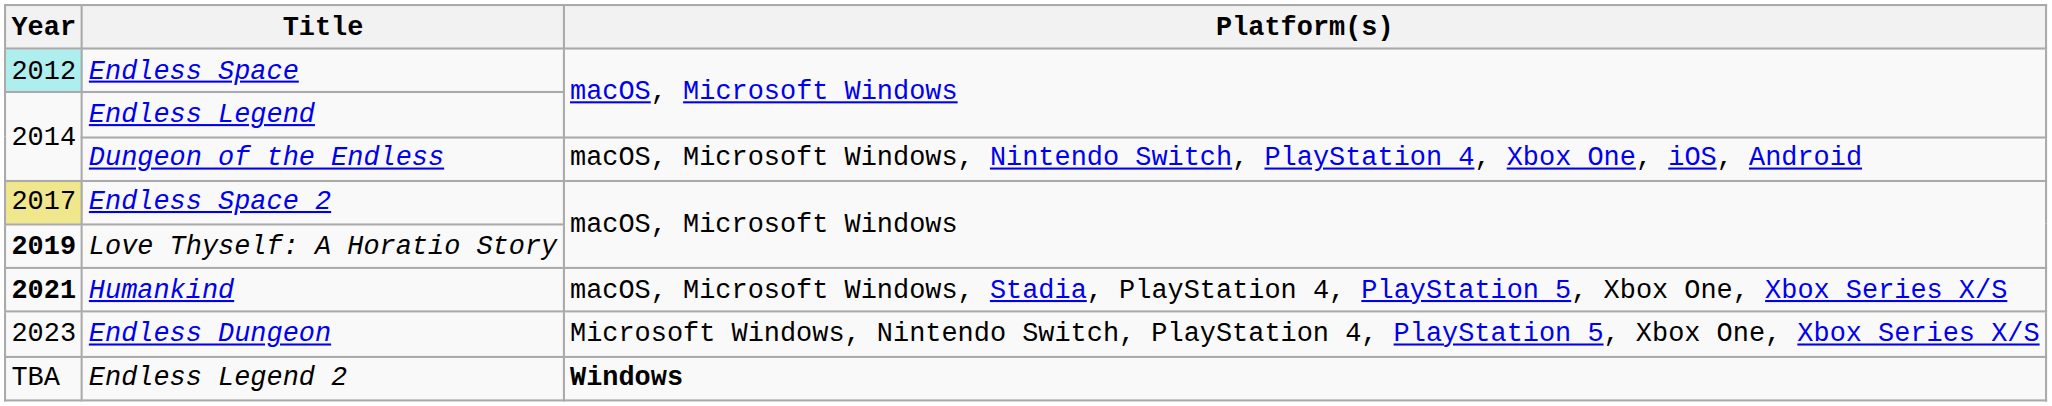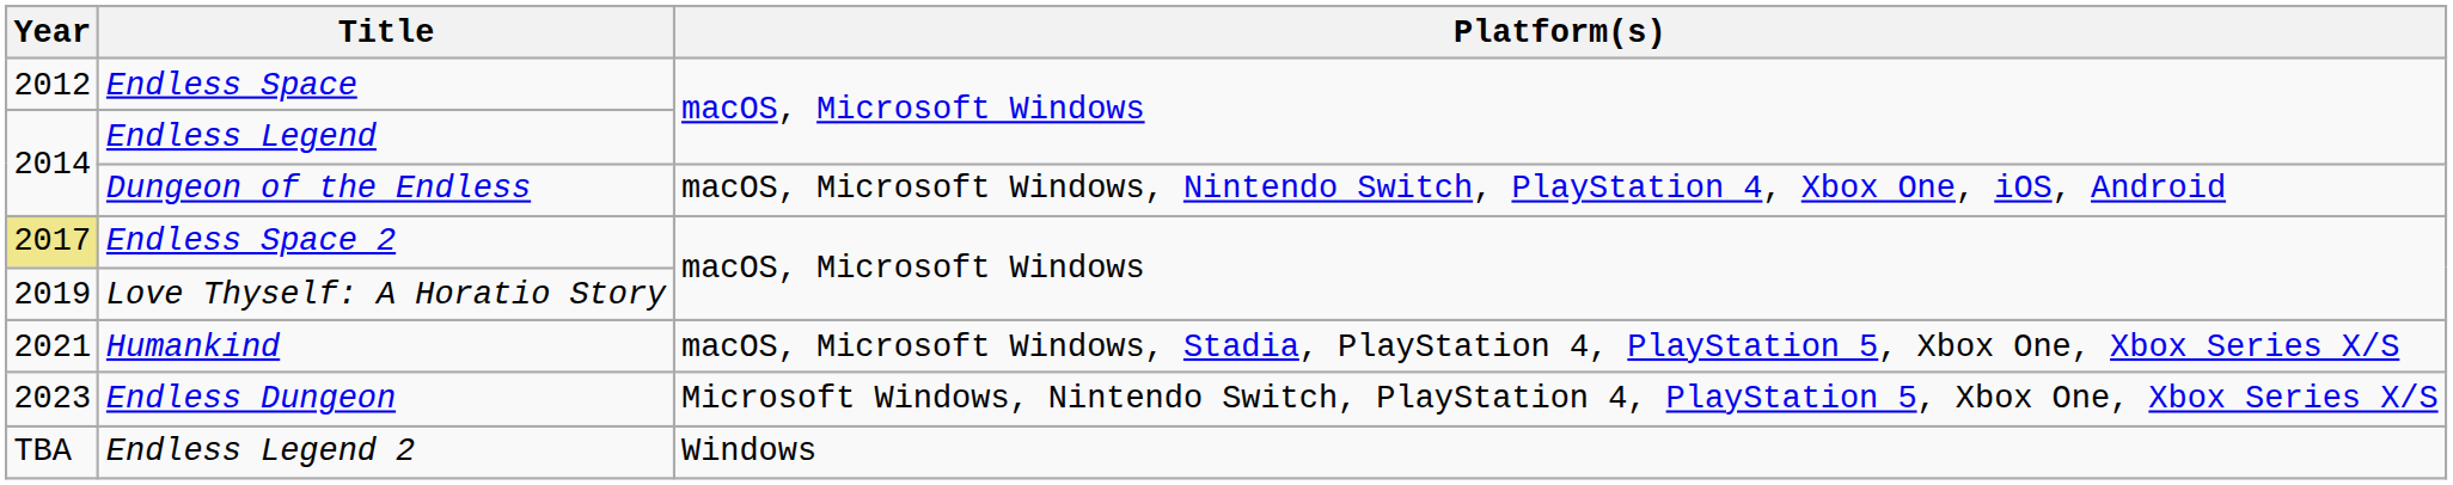 <table class="wikitable sortable">
 <tr>
 <th>Year</th>
 <th>Title</th>
 <th>Platform(s)</th>
 </tr>
 <tr>
-<td style="background: paleturquoise;">2012</td>
+<td>2012</td>
 <td><em><a href='#'>Endless Space</a></em></td>
 <td rowspan="2"><a href='#'>macOS</a>, <a href='#'>Microsoft Windows</a></td>
 </tr>
 <tr>
 <td rowspan="2">2014</td>
 <td><em><a href='#'>Endless Legend</a></em></td>
 </tr>
 <tr>
 <td><em><a href='#'>Dungeon of the Endless</a></em></td>
 <td>macOS, Microsoft Windows, <a href='#'>Nintendo Switch</a>, <a href='#'>PlayStation 4</a>, <a href='#'>Xbox One</a>, <a href='#'>iOS</a>,  <a href='#'>Android</a></td>
 </tr>
 <tr>
 <td style="background: khaki;">2017</td>
 <td><em><a href='#'>Endless Space 2</a></em></td>
 <td rowspan="2">macOS, Microsoft Windows</td>
 </tr>
 <tr>
-<td><strong>2019</strong></td>
+<td>2019</td>
 <td><em>Love Thyself: A Horatio Story</em></td>
 </tr>
 <tr>
-<td><strong>2021</strong></td>
+<td>2021</td>
 <td><em><a href='#'>Humankind</a></em></td>
 <td>macOS, Microsoft Windows, <a href='#'>Stadia</a>, PlayStation 4, <a href='#'>PlayStation 5</a>, Xbox One, <a href='#'>Xbox Series X/S</a></td>
 </tr>
 <tr>
 <td>2023</td>
 <td><em><a href='#'>Endless Dungeon</a></em></td>
 <td>Microsoft Windows, Nintendo Switch, PlayStation 4, <a href='#'>PlayStation 5</a>, Xbox One, <a href='#'>Xbox Series X/S</a></td>
 </tr>
 <tr>
 <td>TBA</td>
 <td><em>Endless Legend 2</em></td>
-<td><strong>Windows</strong></td>
+<td>Windows</td>
 </tr>
 </table>
